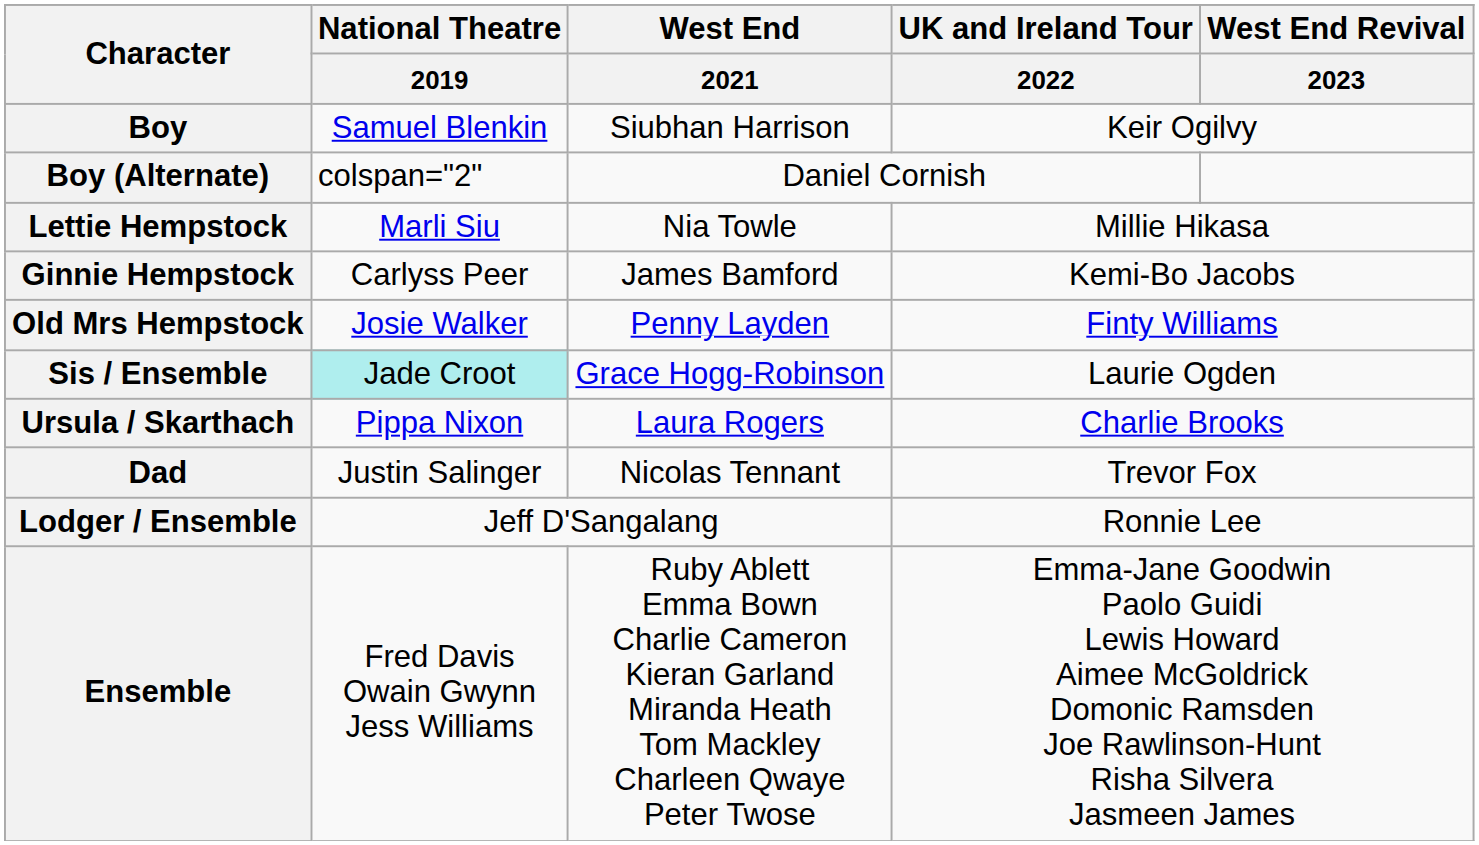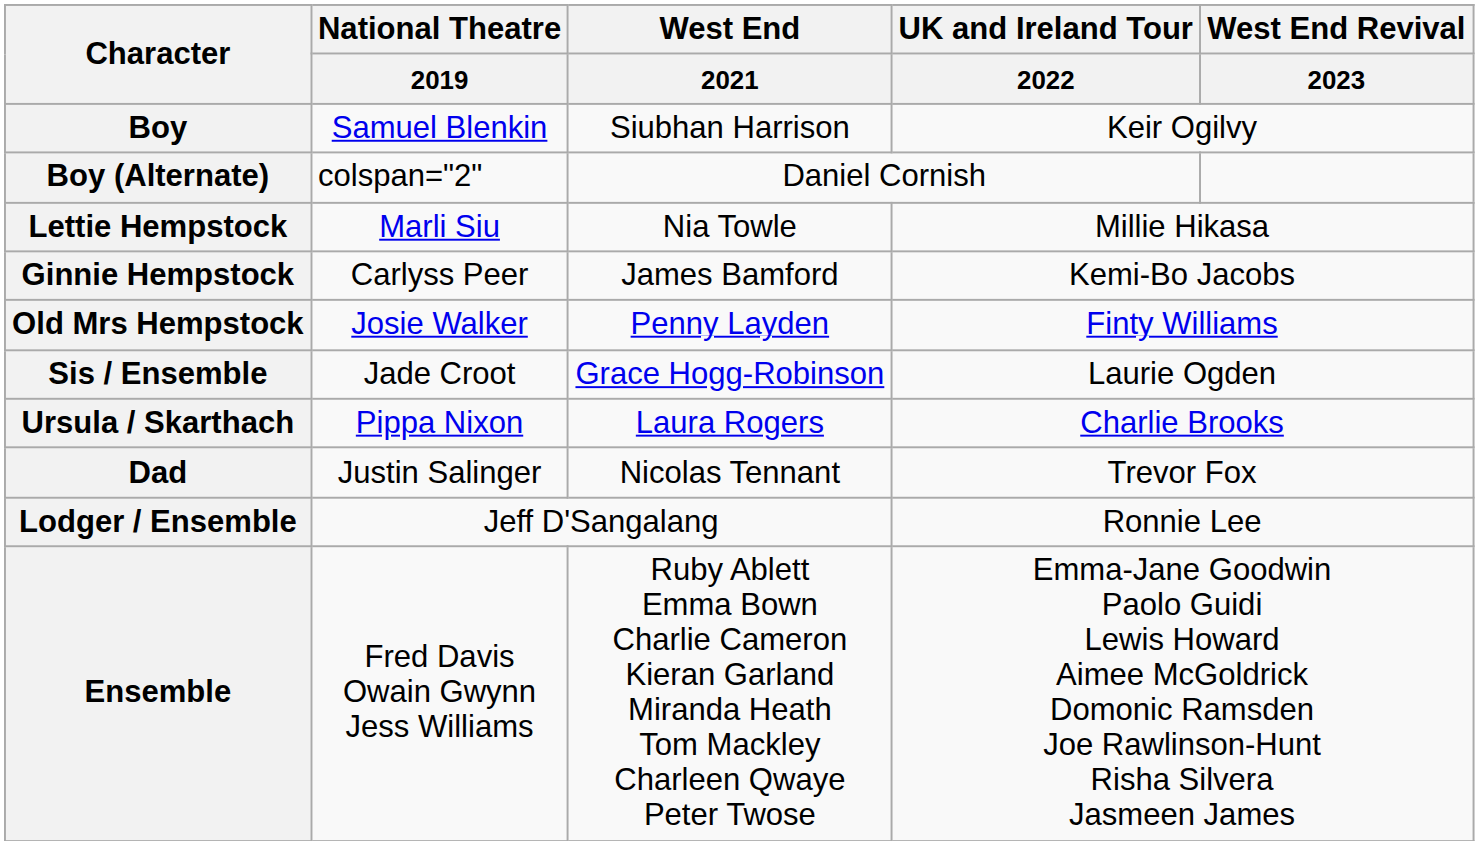 <table class="wikitable">
 <tr>
 <th rowspan="2">Character</th>
 <th>National Theatre</th>
 <th>West End</th>
 <th>UK and Ireland Tour</th>
 <th>West End Revival</th>
 </tr>
 <tr>
 <th><small>2019</small></th>
 <th><small>2021</small></th>
 <th><small>2022</small></th>
 <th><small>2023</small></th>
 </tr>
 <tr>
 <th>Boy</th>
 <td align="center"><a href='#'>Samuel Blenkin</a></td>
 <td align="center">Siubhan Harrison</td>
 <td colspan="2" align="center">Keir Ogilvy</td>
 </tr>
 <tr>
 <th>Boy (Alternate)</th>
 <td>colspan="2" </td>
 <td colspan="2" align="center">Daniel Cornish</td>
 </tr>
 <tr>
 <th>Lettie Hempstock</th>
 <td align="center"><a href='#'>Marli Siu</a></td>
 <td align="center">Nia Towle</td>
 <td colspan="2" align="center">Millie Hikasa</td>
 </tr>
 <tr>
 <th>Ginnie Hempstock</th>
 <td align="center">Carlyss Peer</td>
 <td align="center">James Bamford</td>
 <td colspan="2" align="center">Kemi-Bo Jacobs</td>
 </tr>
 <tr>
 <th>Old Mrs Hempstock</th>
 <td align="center"><a href='#'>Josie Walker</a></td>
 <td align="center"><a href='#'>Penny Layden</a></td>
 <td colspan="2" align="center"><a href='#'>Finty Williams</a></td>
 </tr>
 <tr>
 <th>Sis / Ensemble</th>
-<td align="center" style="background: paleturquoise;">Jade Croot</td>
+<td align="center">Jade Croot</td>
 <td align="center"><a href='#'>Grace Hogg-Robinson</a></td>
 <td colspan="2" align="center">Laurie Ogden</td>
 </tr>
 <tr>
 <th>Ursula / Skarthach</th>
 <td align="center"><a href='#'>Pippa Nixon</a></td>
 <td align="center"><a href='#'>Laura Rogers</a></td>
 <td colspan="2" align="center"><a href='#'>Charlie Brooks</a></td>
 </tr>
 <tr>
 <th>Dad</th>
 <td align="center">Justin Salinger</td>
 <td align="center">Nicolas Tennant</td>
 <td colspan="2" align="center">Trevor Fox</td>
 </tr>
 <tr>
 <th>Lodger / Ensemble</th>
 <td colspan="2" align="center">Jeff D'Sangalang</td>
 <td colspan="2" align="center">Ronnie Lee</td>
 </tr>
 <tr>
 <th>Ensemble</th>
 <td align="center">Fred Davis<br> Owain Gwynn<br>Jess Williams</td>
 <td align="center">Ruby Ablett<br>Emma Bown<br>Charlie Cameron<br>Kieran Garland<br>Miranda Heath<br>Tom Mackley<br>Charleen Qwaye<br>Peter Twose</td>
 <td colspan="2" align="center">Emma-Jane Goodwin<br>Paolo Guidi<br>Lewis Howard<br>Aimee McGoldrick<br>Domonic Ramsden<br>Joe Rawlinson-Hunt<br>Risha Silvera<br>Jasmeen James</td>
 </tr>
 </table>
